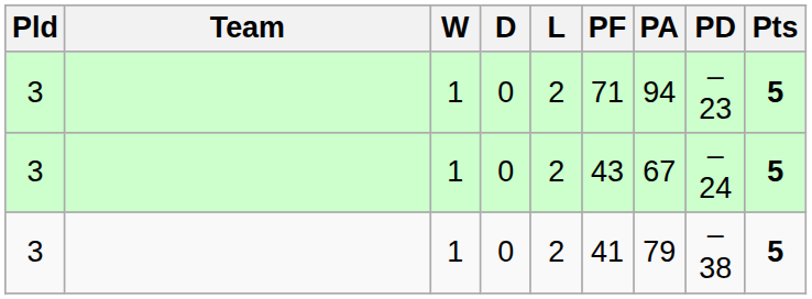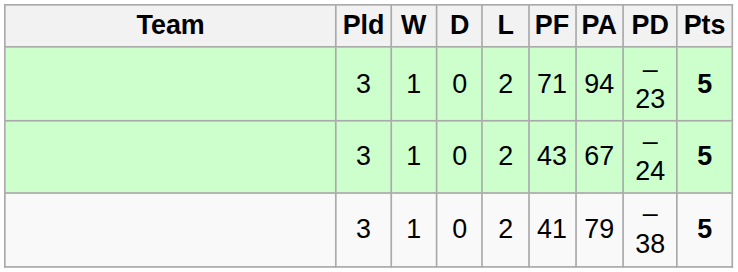 <table class="wikitable" style="text-align:center;">
 <tr>
+<th width="190">Team</th>
 <th width="20" abbr="Played">Pld</th>
-<th width="190">Team</th>
 <th width="20" abbr="Won">W</th>
 <th width="20" abbr="Drawn">D</th>
 <th width="20" abbr="Lost">L</th>
 <th width="20" abbr="Points for">PF</th>
 <th width="20" abbr="Points against">PA</th>
 <th width="25" abbr="Points difference">PD</th>
 <th width="20" abbr="Points">Pts</th>
 </tr>
 <tr style="background:#ccffcc">
+<td align="left"></td>
 <td>3</td>
-<td align="left"></td>
 <td>1</td>
 <td>0</td>
 <td>2</td>
 <td>71</td>
 <td>94</td>
 <td>–23</td>
 <td><strong>5</strong></td>
 </tr>
 <tr style="background:#ccffcc">
+<td align="left"></td>
 <td>3</td>
-<td align="left"></td>
 <td>1</td>
 <td>0</td>
 <td>2</td>
 <td>43</td>
 <td>67</td>
 <td>–24</td>
 <td><strong>5</strong></td>
 </tr>
 <tr>
+<td align="left"></td>
 <td>3</td>
-<td align="left"></td>
 <td>1</td>
 <td>0</td>
 <td>2</td>
 <td>41</td>
 <td>79</td>
 <td>–38</td>
 <td><strong>5</strong></td>
 </tr>
 </table>
